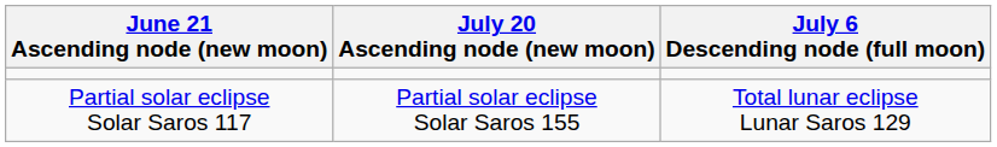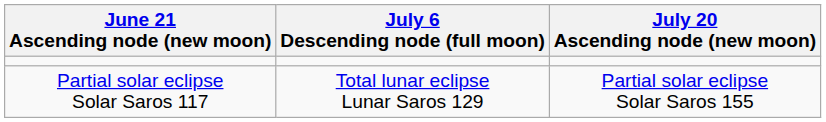 <table class="wikitable">
 <tr>
 <th><a href='#'>June 21</a><br>Ascending node (new moon)<br></th>
+<th><a href='#'>July 6</a><br>Descending node (full moon)<br></th>
 <th><a href='#'>July 20</a><br>Ascending node (new moon)<br></th>
-<th><a href='#'>July 6</a><br>Descending node (full moon)<br></th>
 </tr>
 <tr>
 <td></td>
 <td></td>
 <td></td>
 </tr>
 <tr align=center>
 <td><a href='#'>Partial solar eclipse</a><br>Solar Saros 117</td>
+<td><a href='#'>Total lunar eclipse</a><br>Lunar Saros 129</td>
 <td><a href='#'>Partial solar eclipse</a><br>Solar Saros 155</td>
-<td><a href='#'>Total lunar eclipse</a><br>Lunar Saros 129</td>
 </tr>
 </table>
